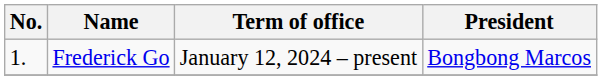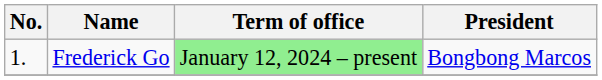 <table class=wikitable>
 <tr>
 <th>No.</th>
 <th>Name</th>
 <th>Term of office</th>
 <th>President</th>
 </tr>
 <tr>
 <td>1.</td>
 <td><a href='#'>Frederick Go</a></td>
-<td>January 12, 2024 – present</td>
+<td style="background: lightgreen;">January 12, 2024 – present</td>
 <td><a href='#'>Bongbong Marcos</a></td>
 </tr>
 <tr>
 </tr>
 </table>
